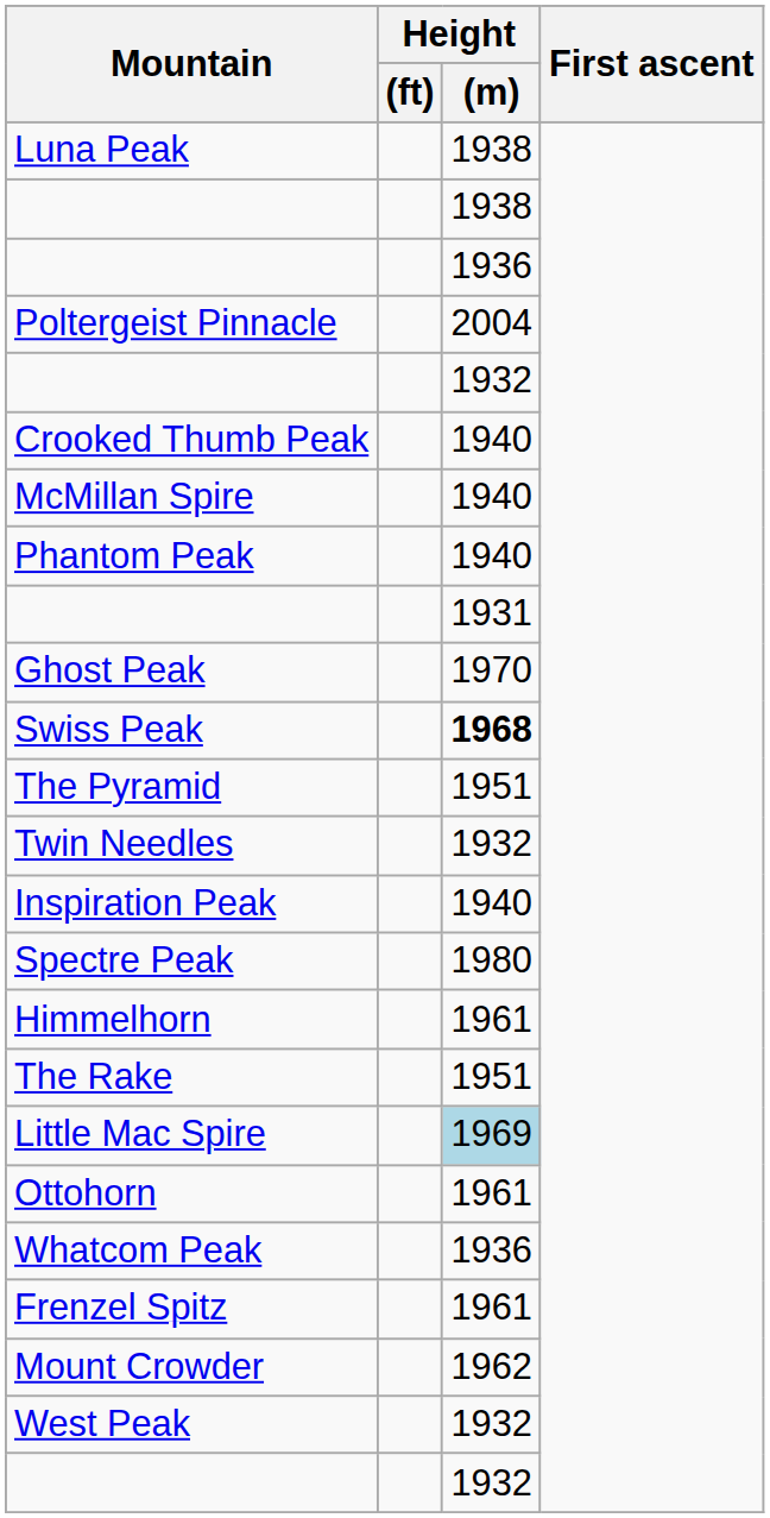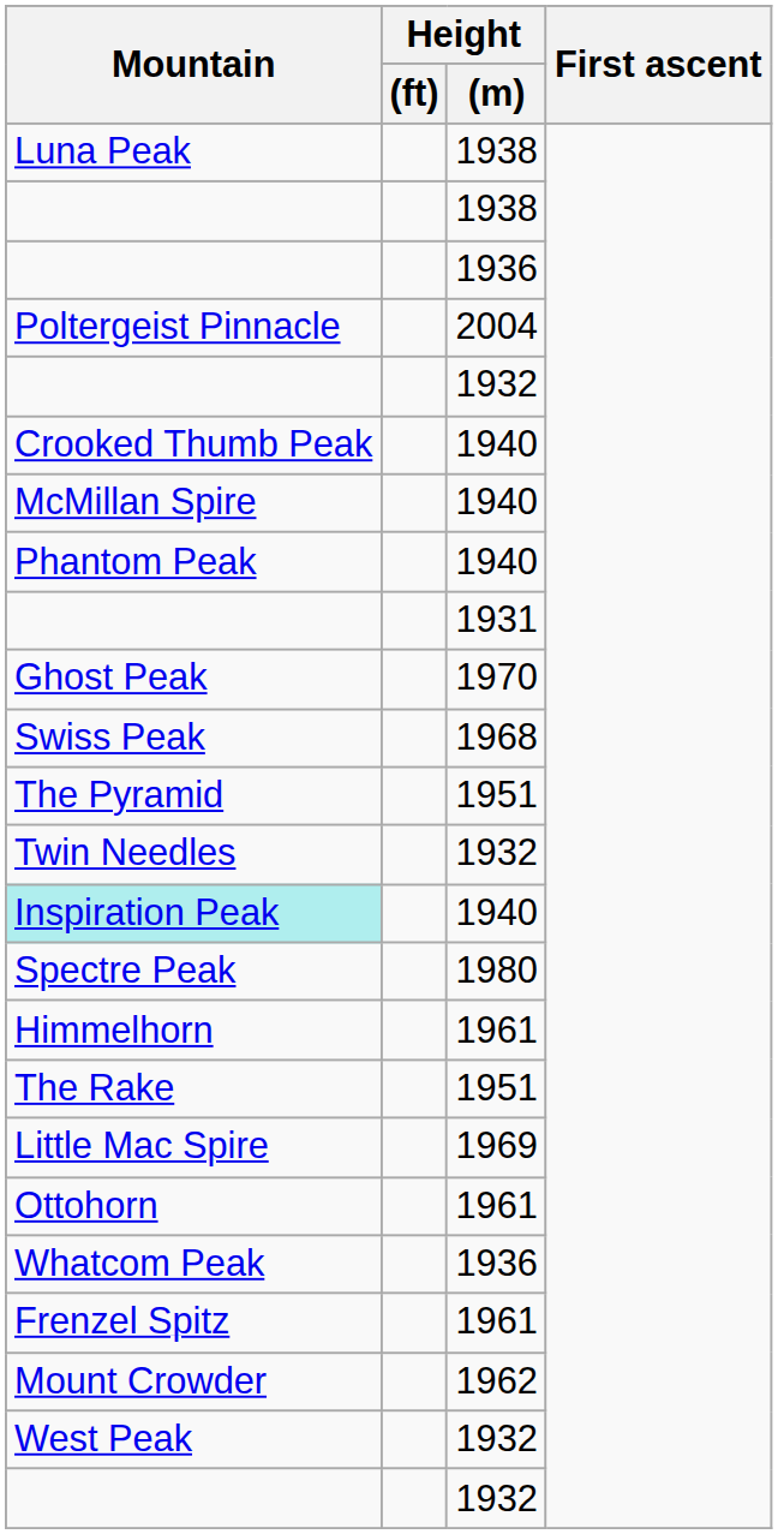 <table class="wikitable sortable">
 <tr>
 <th rowspan=2>Mountain</th>
 <th colspan=2>Height</th>
 <th rowspan=2>First ascent</th>
 </tr>
 <tr>
 <th>(ft)</th>
 <th>(m)</th>
 </tr>
 <tr>
 <td><a href='#'>Luna Peak</a></td>
 <td></td>
 <td align=middle>1938</td>
 </tr>
 <tr>
 <td></td>
 <td></td>
 <td align=middle>1938</td>
 </tr>
 <tr>
 <td></td>
 <td></td>
 <td align=middle>1936</td>
 </tr>
 <tr>
 <td><a href='#'>Poltergeist Pinnacle</a></td>
 <td></td>
 <td align=middle>2004</td>
 </tr>
 <tr>
 <td></td>
 <td></td>
 <td align=middle>1932</td>
 </tr>
 <tr>
 <td><a href='#'>Crooked Thumb Peak</a></td>
 <td></td>
 <td align=middle>1940</td>
 </tr>
 <tr>
 <td><a href='#'>McMillan Spire</a></td>
 <td></td>
 <td align=middle>1940</td>
 </tr>
 <tr>
 <td><a href='#'>Phantom Peak</a></td>
 <td></td>
 <td align=middle>1940</td>
 </tr>
 <tr>
 <td></td>
 <td></td>
 <td align=middle>1931</td>
 </tr>
 <tr>
 <td><a href='#'>Ghost Peak</a></td>
 <td></td>
 <td align=middle>1970</td>
 </tr>
 <tr>
 <td><a href='#'>Swiss Peak</a></td>
 <td></td>
-<td align=middle><strong>1968</strong></td>
+<td align=middle>1968</td>
 </tr>
 <tr>
 <td><a href='#'>The Pyramid</a></td>
 <td></td>
 <td align=middle>1951</td>
 </tr>
 <tr>
 <td><a href='#'>Twin Needles</a></td>
 <td></td>
 <td align=middle>1932</td>
 </tr>
 <tr>
-<td><a href='#'>Inspiration Peak</a></td>
+<td style="background: paleturquoise;"><a href='#'>Inspiration Peak</a></td>
 <td></td>
 <td align=middle>1940</td>
 </tr>
 <tr>
 <td><a href='#'>Spectre Peak</a></td>
 <td></td>
 <td align=middle>1980</td>
 </tr>
 <tr>
 <td><a href='#'>Himmelhorn</a></td>
 <td></td>
 <td align=middle>1961</td>
 </tr>
 <tr>
 <td><a href='#'>The Rake</a></td>
 <td></td>
 <td align=middle>1951</td>
 </tr>
 <tr>
 <td><a href='#'>Little Mac Spire</a></td>
 <td></td>
-<td align=middle style="background: lightblue;">1969</td>
+<td align=middle>1969</td>
 </tr>
 <tr>
 <td><a href='#'>Ottohorn</a></td>
 <td></td>
 <td align=middle>1961</td>
 </tr>
 <tr>
 <td><a href='#'>Whatcom Peak</a></td>
 <td></td>
 <td align=middle>1936</td>
 </tr>
 <tr>
 <td><a href='#'>Frenzel Spitz</a></td>
 <td></td>
 <td align=middle>1961</td>
 </tr>
 <tr>
 <td><a href='#'>Mount Crowder</a></td>
 <td></td>
 <td align=middle>1962</td>
 </tr>
 <tr>
 <td><a href='#'>West Peak</a></td>
 <td></td>
 <td align=middle>1932</td>
 </tr>
 <tr>
 <td></td>
 <td></td>
 <td align=middle>1932</td>
 </tr>
 </table>
